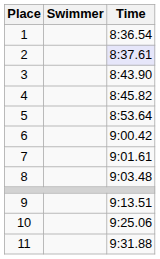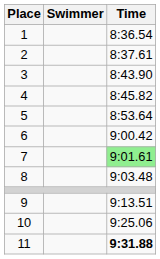 <table class="wikitable" style="text-align:center;">
 <tr>
 <th>Place</th>
 <th>Swimmer</th>
 <th>Time</th>
 </tr>
 <tr>
 <td>1</td>
 <td align=left></td>
 <td>8:36.54</td>
 </tr>
 <tr>
 <td>2</td>
 <td align=left></td>
-<td style="background: lavender;">8:37.61</td>
+<td>8:37.61</td>
 </tr>
 <tr>
 <td>3</td>
 <td align=left></td>
 <td>8:43.90</td>
 </tr>
 <tr>
 <td>4</td>
 <td align=left></td>
 <td>8:45.82</td>
 </tr>
 <tr>
 <td>5</td>
 <td align=left></td>
 <td>8:53.64</td>
 </tr>
 <tr>
 <td>6</td>
 <td align=left></td>
 <td>9:00.42</td>
 </tr>
 <tr>
 <td>7</td>
 <td align=left></td>
-<td>9:01.61</td>
+<td style="background: lightgreen;">9:01.61</td>
 </tr>
 <tr>
 <td>8</td>
 <td align=left></td>
 <td>9:03.48</td>
 </tr>
 <tr>
 <td colspan=3 bgcolor=lightgray></td>
 </tr>
 <tr>
 <td>9</td>
 <td align=left></td>
 <td>9:13.51</td>
 </tr>
 <tr>
 <td>10</td>
 <td align=left></td>
 <td>9:25.06</td>
 </tr>
 <tr>
 <td>11</td>
 <td align=left></td>
-<td>9:31.88</td>
+<td><strong>9:31.88</strong></td>
 </tr>
 </table>
